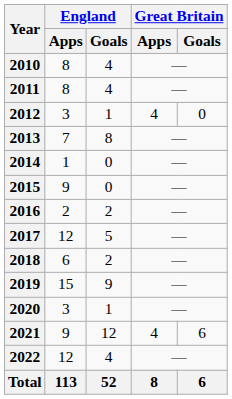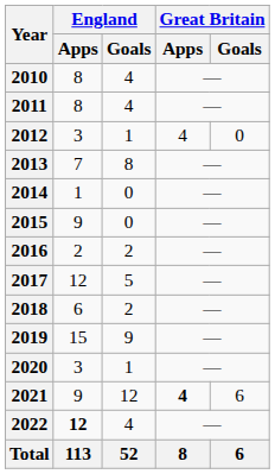 <table class="wikitable" style="text-align:center">
 <tr>
 <th scope=col rowspan=2>Year</th>
 <th scope=colgroup colspan=2><a href='#'>England</a></th>
 <th scope=colgroup colspan=2><a href='#'>Great Britain</a></th>
 </tr>
 <tr>
 <th scope=col>Apps</th>
 <th scope=col>Goals</th>
 <th scope=col>Apps</th>
 <th scope=col>Goals</th>
 </tr>
 <tr>
 <th scope=row>2010</th>
 <td>8</td>
 <td>4</td>
 <td colspan="2">—</td>
 </tr>
 <tr>
 <th scope=row>2011</th>
 <td>8</td>
 <td>4</td>
 <td colspan="2">—</td>
 </tr>
 <tr>
 <th scope=row>2012</th>
 <td>3</td>
 <td>1</td>
 <td>4</td>
 <td>0</td>
 </tr>
 <tr>
 <th scope=row>2013</th>
 <td>7</td>
 <td>8</td>
 <td colspan="2">—</td>
 </tr>
 <tr>
 <th scope=row>2014</th>
 <td>1</td>
 <td>0</td>
 <td colspan="2">—</td>
 </tr>
 <tr>
 <th scope=row>2015</th>
 <td>9</td>
 <td>0</td>
 <td colspan="2">—</td>
 </tr>
 <tr>
 <th scope=row>2016</th>
 <td>2</td>
 <td>2</td>
 <td colspan="2">—</td>
 </tr>
 <tr>
 <th scope=row>2017</th>
 <td>12</td>
 <td>5</td>
 <td colspan="2">—</td>
 </tr>
 <tr>
 <th scope=row>2018</th>
 <td>6</td>
 <td>2</td>
 <td colspan="2">—</td>
 </tr>
 <tr>
 <th scope=row>2019</th>
 <td>15</td>
 <td>9</td>
 <td colspan="2">—</td>
 </tr>
 <tr>
 <th scope=row>2020</th>
 <td>3</td>
 <td>1</td>
 <td colspan="2">—</td>
 </tr>
 <tr>
 <th scope=row>2021</th>
 <td>9</td>
 <td>12</td>
-<td>4</td>
+<td><strong>4</strong></td>
 <td>6</td>
 </tr>
 <tr>
 <th scope=row>2022</th>
-<td>12</td>
+<td><strong>12</strong></td>
 <td>4</td>
 <td colspan="2">—</td>
 </tr>
 <tr>
 <th>Total</th>
 <th>113</th>
 <th>52</th>
 <th>8</th>
 <th>6</th>
 </tr>
 </table>
